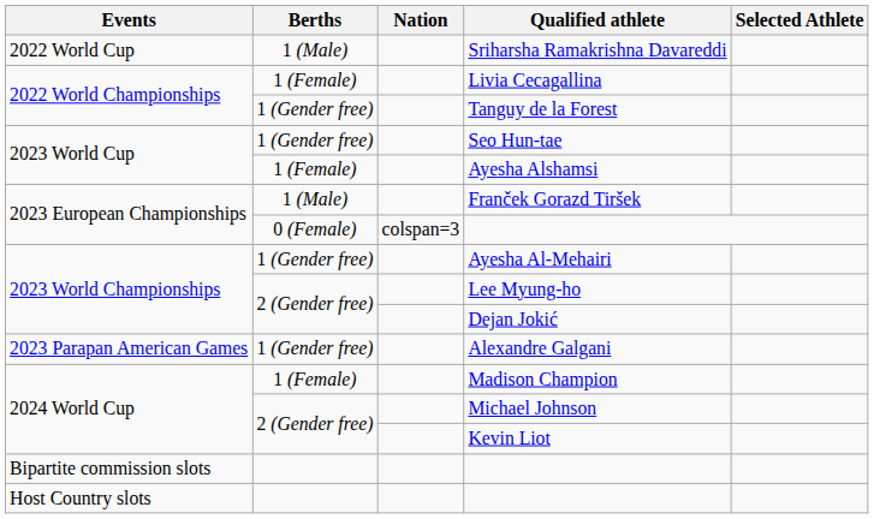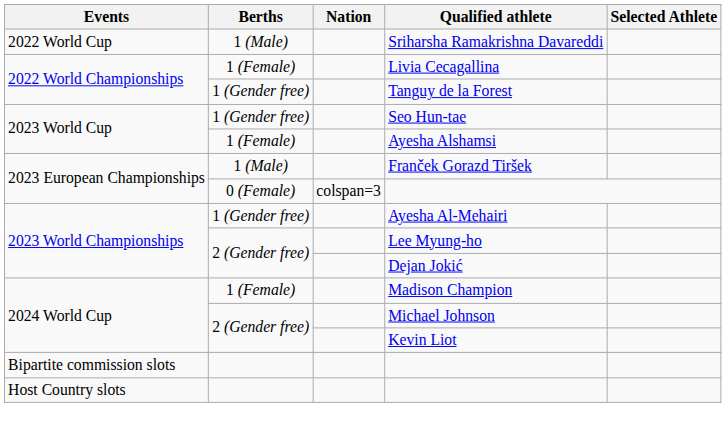 <table class="wikitable">
 <tr>
 <th>Events</th>
 <th>Berths</th>
 <th>Nation</th>
 <th>Qualified athlete</th>
 <th>Selected Athlete</th>
 </tr>
 <tr>
 <td>2022 World Cup</td>
 <td align=center>1 <em>(Male)</em></td>
 <td></td>
 <td><a href='#'>Sriharsha Ramakrishna Davareddi</a></td>
 <td></td>
 </tr>
 <tr>
 <td rowspan="2"><a href='#'>2022 World Championships</a></td>
 <td align=center>1 <em>(Female)</em></td>
 <td></td>
 <td><a href='#'>Livia Cecagallina</a></td>
 <td></td>
 </tr>
 <tr>
 <td align=center>1 <em>(Gender free)</em></td>
 <td></td>
 <td><a href='#'>Tanguy de la Forest</a></td>
 <td></td>
 </tr>
 <tr>
 <td rowspan="2">2023 World Cup</td>
 <td align=center>1 <em>(Gender free)</em></td>
 <td></td>
 <td><a href='#'>Seo Hun-tae</a></td>
 <td></td>
 </tr>
 <tr>
 <td align=center>1 <em>(Female)</em></td>
 <td></td>
 <td><a href='#'>Ayesha Alshamsi</a></td>
 <td></td>
 </tr>
 <tr>
 <td rowspan="2">2023 European Championships</td>
 <td align=center>1 <em>(Male)</em></td>
 <td></td>
 <td><a href='#'>Franček Gorazd Tiršek</a></td>
 <td></td>
 </tr>
 <tr>
 <td align=center>0 <em>(Female)</em></td>
 <td>colspan=3 </td>
 </tr>
 <tr>
 <td rowspan="3"><a href='#'>2023 World Championships</a></td>
 <td align=center>1 <em>(Gender free)</em></td>
 <td></td>
 <td><a href='#'>Ayesha Al-Mehairi</a></td>
 <td></td>
 </tr>
 <tr>
 <td rowspan="2" align=center>2 <em>(Gender free)</em></td>
 <td></td>
 <td><a href='#'>Lee Myung-ho</a></td>
 <td></td>
 </tr>
 <tr>
 <td></td>
 <td><a href='#'>Dejan Jokić</a></td>
 <td></td>
 </tr>
 <tr>
-<td><a href='#'>2023 Parapan American Games</a></td>
-<td align=center>1 <em>(Gender free)</em></td>
-<td></td>
-<td><a href='#'>Alexandre Galgani</a></td>
-<td></td>
-</tr>
-<tr>
 <td rowspan="3">2024 World Cup</td>
 <td align=center>1 <em>(Female)</em></td>
 <td></td>
 <td><a href='#'>Madison Champion</a></td>
 <td></td>
 </tr>
 <tr>
 <td rowspan="2" align=center>2 <em>(Gender free)</em></td>
 <td></td>
 <td><a href='#'>Michael Johnson</a></td>
 <td></td>
 </tr>
 <tr>
 <td></td>
 <td><a href='#'>Kevin Liot</a></td>
 <td></td>
 </tr>
 <tr>
 <td>Bipartite commission slots</td>
 <td></td>
 <td></td>
 <td></td>
 <td></td>
 </tr>
 <tr>
 <td>Host Country slots</td>
 <td></td>
 <td></td>
 <td></td>
 <td></td>
 </tr>
 </table>
